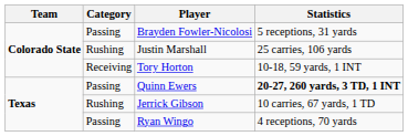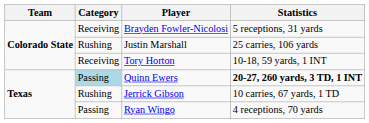 <table class="wikitable" style="float: right;">
 <tr>
 <th>Team</th>
 <th>Category</th>
 <th>Player</th>
 <th>Statistics</th>
 </tr>
 <tr>
 <td rowspan=3><strong>Colorado State</strong></td>
-<td>Passing</td>
+<td>Receiving</td>
 <td><a href='#'>Brayden Fowler-Nicolosi</a></td>
 <td>5 receptions, 31 yards</td>
 </tr>
 <tr>
 <td>Rushing</td>
 <td>Justin Marshall</td>
 <td>25 carries, 106 yards</td>
 </tr>
 <tr>
 <td>Receiving</td>
 <td><a href='#'>Tory Horton</a></td>
 <td>10-18, 59 yards, 1 INT</td>
 </tr>
 <tr>
 <td rowspan=3><strong>Texas</strong></td>
-<td>Passing</td>
+<td style="background: lightblue;">Passing</td>
 <td><a href='#'>Quinn Ewers</a></td>
 <td><strong>20-27, 260 yards, 3 TD, 1 INT</strong></td>
 </tr>
 <tr>
 <td>Rushing</td>
 <td><a href='#'>Jerrick Gibson</a></td>
 <td>10 carries, 67 yards, 1 TD</td>
 </tr>
 <tr>
 <td>Passing</td>
 <td><a href='#'>Ryan Wingo</a></td>
 <td>4 receptions, 70 yards</td>
 </tr>
 </table>
